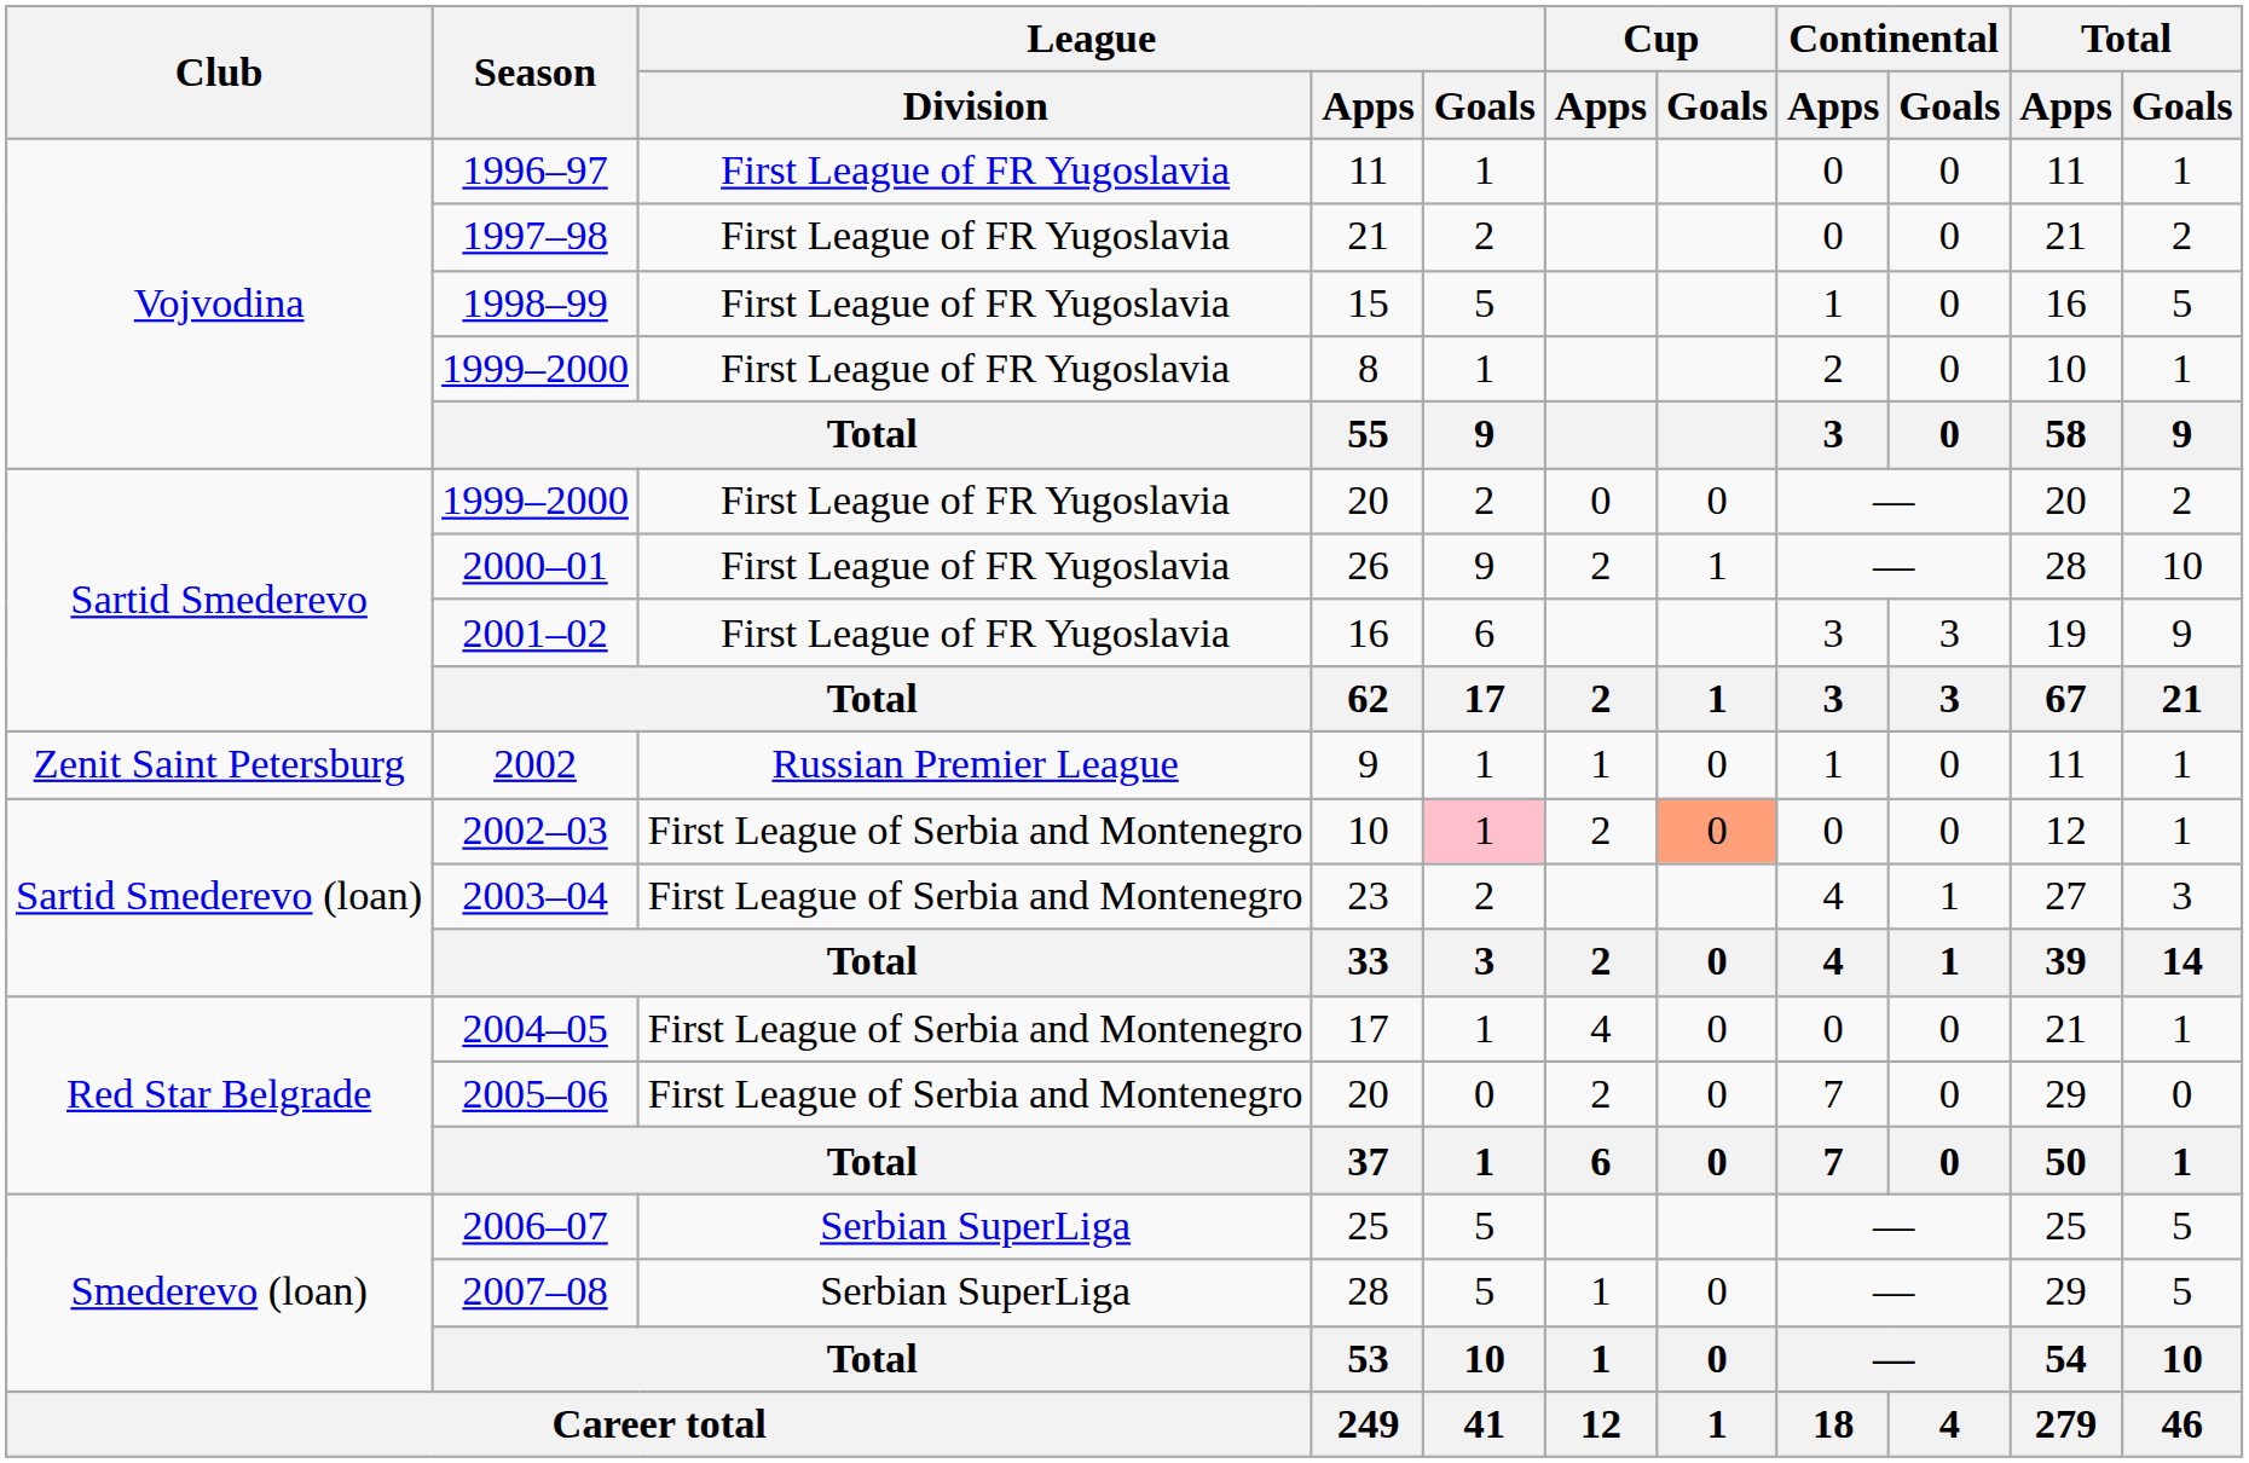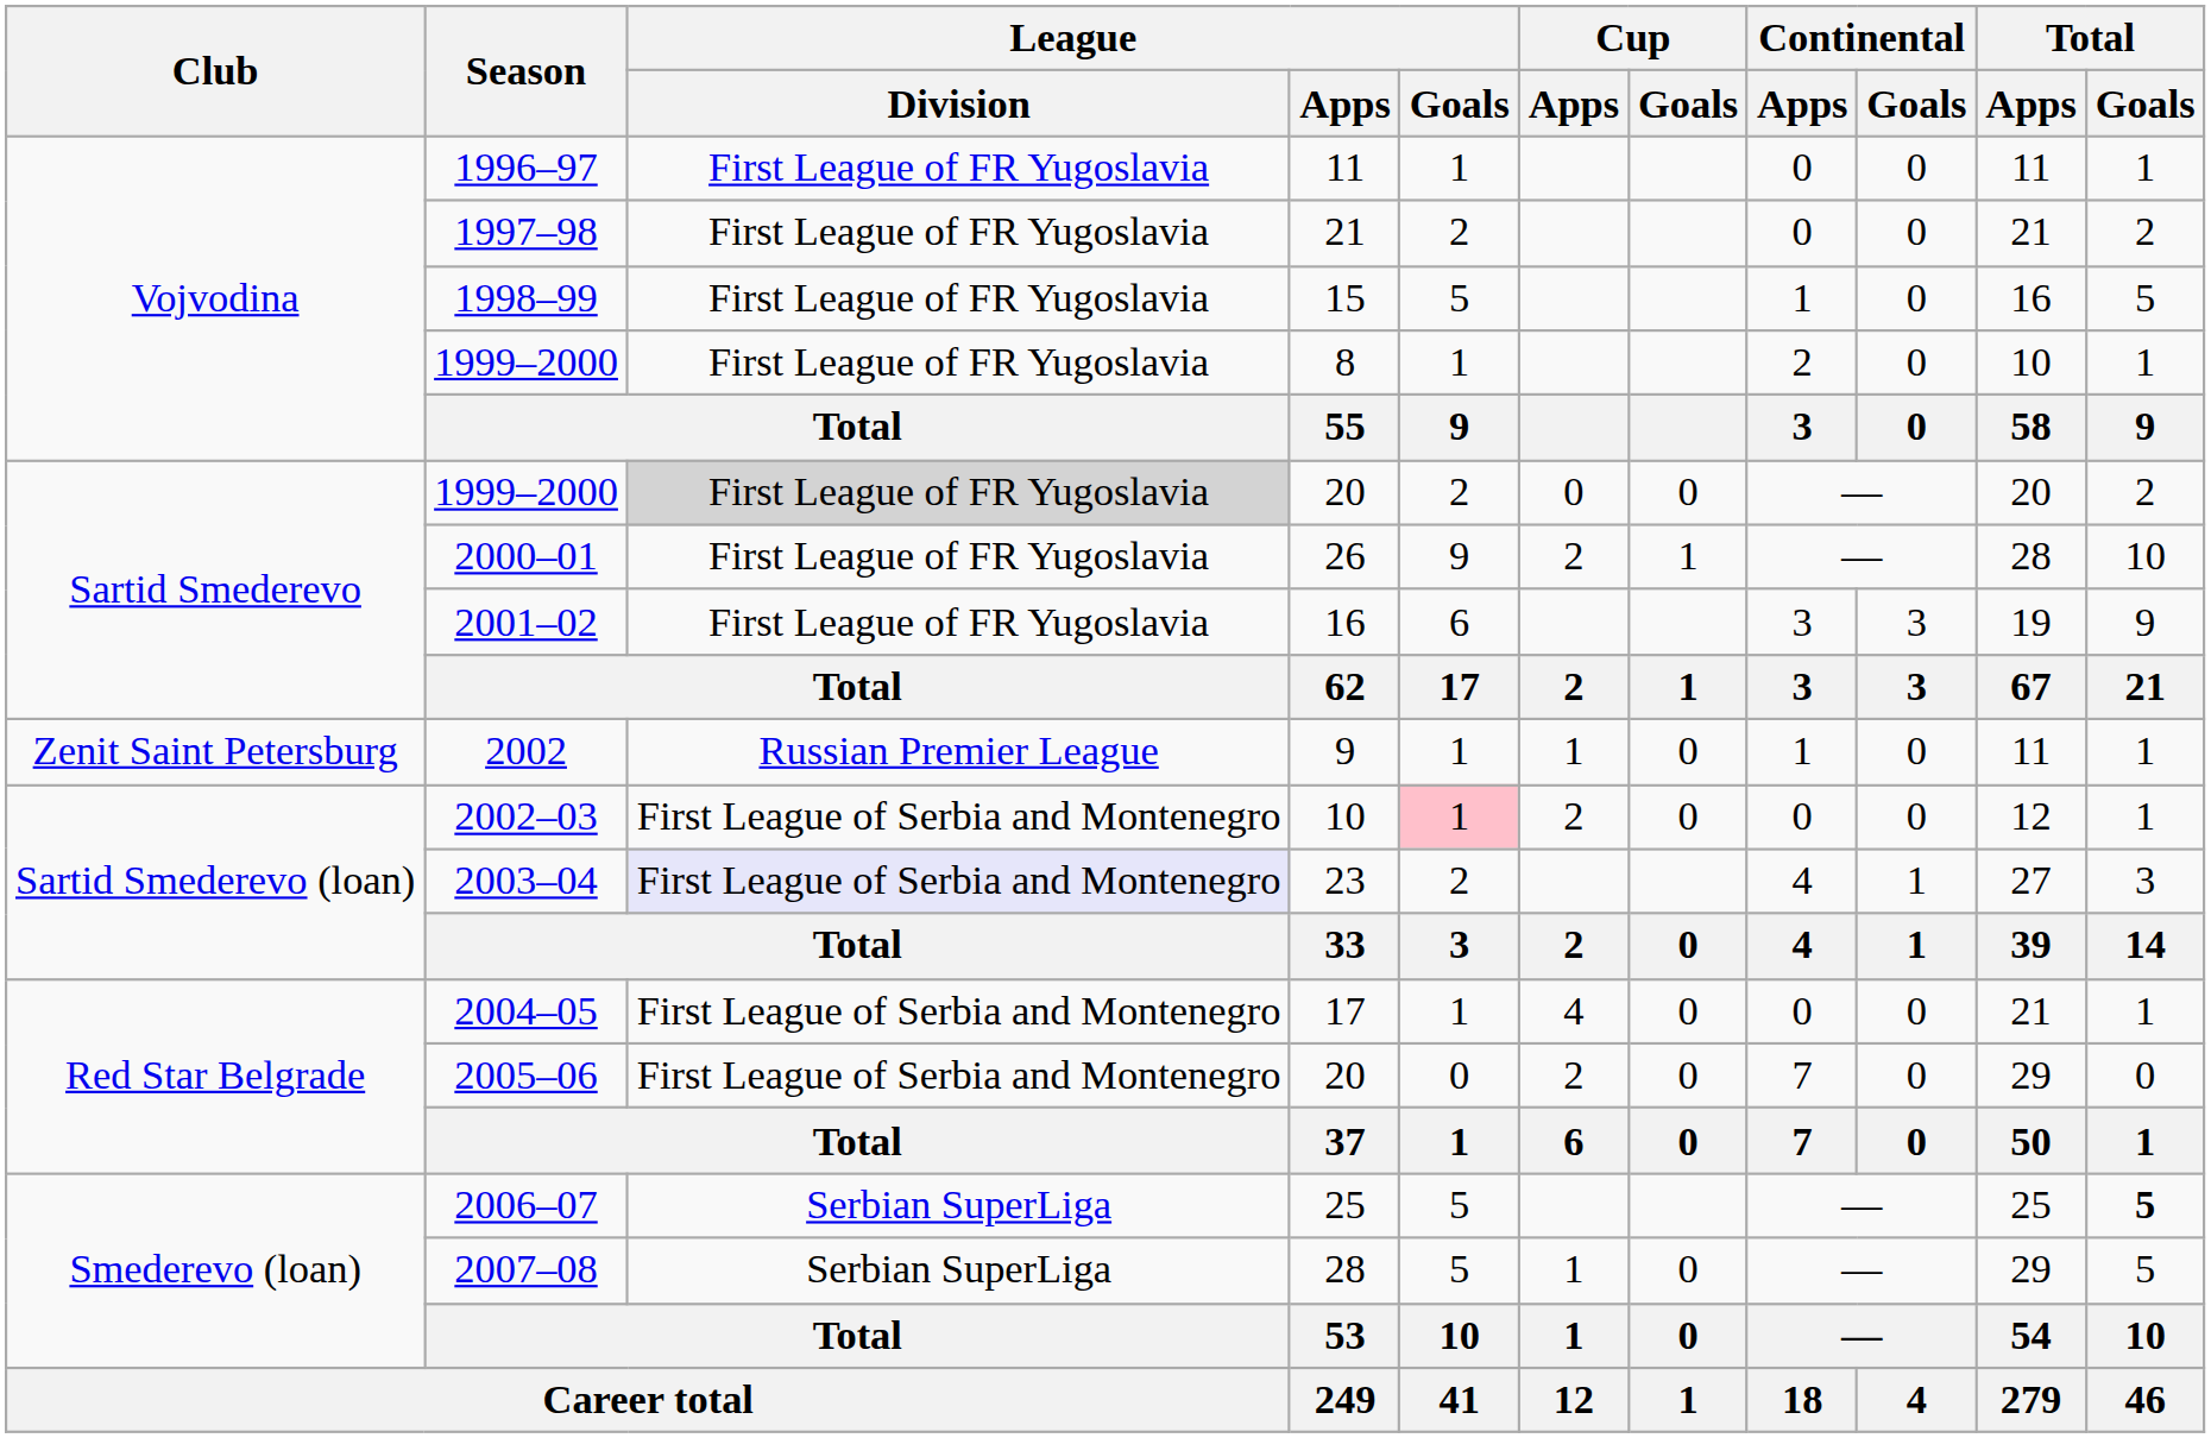 <table class="wikitable" style="text-align:center">
 <tr>
 <th rowspan="2">Club</th>
 <th rowspan="2">Season</th>
 <th colspan="3">League</th>
 <th colspan="2">Cup</th>
 <th colspan="2">Continental</th>
 <th colspan="2">Total</th>
 </tr>
 <tr>
 <th>Division</th>
 <th>Apps</th>
 <th>Goals</th>
 <th>Apps</th>
 <th>Goals</th>
 <th>Apps</th>
 <th>Goals</th>
 <th>Apps</th>
 <th>Goals</th>
 </tr>
 <tr>
 <td rowspan="5"><a href='#'>Vojvodina</a></td>
 <td><a href='#'>1996–97</a></td>
 <td><a href='#'>First League of FR Yugoslavia</a></td>
 <td>11</td>
 <td>1</td>
 <td></td>
 <td></td>
 <td>0</td>
 <td>0</td>
 <td>11</td>
 <td>1</td>
 </tr>
 <tr>
 <td><a href='#'>1997–98</a></td>
 <td>First League of FR Yugoslavia</td>
 <td>21</td>
 <td>2</td>
 <td></td>
 <td></td>
 <td>0</td>
 <td>0</td>
 <td>21</td>
 <td>2</td>
 </tr>
 <tr>
 <td><a href='#'>1998–99</a></td>
 <td>First League of FR Yugoslavia</td>
 <td>15</td>
 <td>5</td>
 <td></td>
 <td></td>
 <td>1</td>
 <td>0</td>
 <td>16</td>
 <td>5</td>
 </tr>
 <tr>
 <td><a href='#'>1999–2000</a></td>
 <td>First League of FR Yugoslavia</td>
 <td>8</td>
 <td>1</td>
 <td></td>
 <td></td>
 <td>2</td>
 <td>0</td>
 <td>10</td>
 <td>1</td>
 </tr>
 <tr>
 <th colspan="2">Total</th>
 <th>55</th>
 <th>9</th>
 <th></th>
 <th></th>
 <th>3</th>
 <th>0</th>
 <th>58</th>
 <th>9</th>
 </tr>
 <tr>
 <td rowspan="4"><a href='#'>Sartid Smederevo</a></td>
 <td><a href='#'>1999–2000</a></td>
-<td>First League of FR Yugoslavia</td>
+<td style="background: lightgrey;">First League of FR Yugoslavia</td>
 <td>20</td>
 <td>2</td>
 <td>0</td>
 <td>0</td>
 <td colspan="2">—</td>
 <td>20</td>
 <td>2</td>
 </tr>
 <tr>
 <td><a href='#'>2000–01</a></td>
 <td>First League of FR Yugoslavia</td>
 <td>26</td>
 <td>9</td>
 <td>2</td>
 <td>1</td>
 <td colspan="2">—</td>
 <td>28</td>
 <td>10</td>
 </tr>
 <tr>
 <td><a href='#'>2001–02</a></td>
 <td>First League of FR Yugoslavia</td>
 <td>16</td>
 <td>6</td>
 <td></td>
 <td></td>
 <td>3</td>
 <td>3</td>
 <td>19</td>
 <td>9</td>
 </tr>
 <tr>
 <th colspan="2">Total</th>
 <th>62</th>
 <th>17</th>
 <th>2</th>
 <th>1</th>
 <th>3</th>
 <th>3</th>
 <th>67</th>
 <th>21</th>
 </tr>
 <tr>
 <td><a href='#'>Zenit Saint Petersburg</a></td>
 <td><a href='#'>2002</a></td>
 <td><a href='#'>Russian Premier League</a></td>
 <td>9</td>
 <td>1</td>
 <td>1</td>
 <td>0</td>
 <td>1</td>
 <td>0</td>
 <td>11</td>
 <td>1</td>
 </tr>
 <tr>
 <td rowspan="3"><a href='#'>Sartid Smederevo</a> (loan)</td>
 <td><a href='#'>2002–03</a></td>
 <td>First League of Serbia and Montenegro</td>
 <td>10</td>
 <td style="background: pink;">1</td>
 <td>2</td>
-<td style="background: lightsalmon;">0</td>
+<td>0</td>
 <td>0</td>
 <td>0</td>
 <td>12</td>
 <td>1</td>
 </tr>
 <tr>
 <td><a href='#'>2003–04</a></td>
-<td>First League of Serbia and Montenegro</td>
+<td style="background: lavender;">First League of Serbia and Montenegro</td>
 <td>23</td>
 <td>2</td>
 <td></td>
 <td></td>
 <td>4</td>
 <td>1</td>
 <td>27</td>
 <td>3</td>
 </tr>
 <tr>
 <th colspan="2">Total</th>
 <th>33</th>
 <th>3</th>
 <th>2</th>
 <th>0</th>
 <th>4</th>
 <th>1</th>
 <th>39</th>
 <th>14</th>
 </tr>
 <tr>
 <td rowspan="3"><a href='#'>Red Star Belgrade</a></td>
 <td><a href='#'>2004–05</a></td>
 <td>First League of Serbia and Montenegro</td>
 <td>17</td>
 <td>1</td>
 <td>4</td>
 <td>0</td>
 <td>0</td>
 <td>0</td>
 <td>21</td>
 <td>1</td>
 </tr>
 <tr>
 <td><a href='#'>2005–06</a></td>
 <td>First League of Serbia and Montenegro</td>
 <td>20</td>
 <td>0</td>
 <td>2</td>
 <td>0</td>
 <td>7</td>
 <td>0</td>
 <td>29</td>
 <td>0</td>
 </tr>
 <tr>
 <th colspan="2">Total</th>
 <th>37</th>
 <th>1</th>
 <th>6</th>
 <th>0</th>
 <th>7</th>
 <th>0</th>
 <th>50</th>
 <th>1</th>
 </tr>
 <tr>
 <td rowspan="3"><a href='#'>Smederevo</a> (loan)</td>
 <td><a href='#'>2006–07</a></td>
 <td><a href='#'>Serbian SuperLiga</a></td>
 <td>25</td>
 <td>5</td>
 <td></td>
 <td></td>
 <td colspan="2">—</td>
 <td>25</td>
-<td>5</td>
+<td><strong>5</strong></td>
 </tr>
 <tr>
 <td><a href='#'>2007–08</a></td>
 <td>Serbian SuperLiga</td>
 <td>28</td>
 <td>5</td>
 <td>1</td>
 <td>0</td>
 <td colspan="2">—</td>
 <td>29</td>
 <td>5</td>
 </tr>
 <tr>
 <th colspan="2">Total</th>
 <th>53</th>
 <th>10</th>
 <th>1</th>
 <th>0</th>
 <th colspan="2">—</th>
 <th>54</th>
 <th>10</th>
 </tr>
 <tr>
 <th colspan="3">Career total</th>
 <th>249</th>
 <th>41</th>
 <th>12</th>
 <th>1</th>
 <th>18</th>
 <th>4</th>
 <th>279</th>
 <th>46</th>
 </tr>
 </table>
